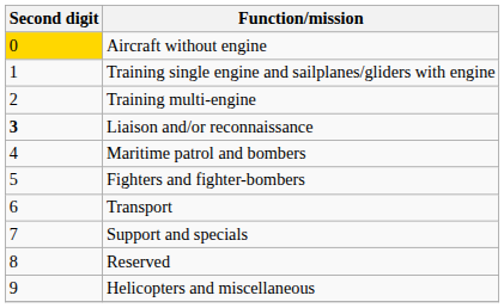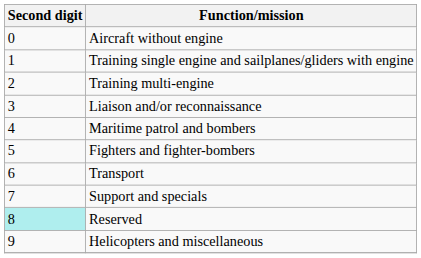 <table class="wikitable">
 <tr>
 <th style="text-align: center;">Second digit</th>
 <th style="text-align: center;">Function/mission</th>
 </tr>
 <tr>
-<td style="background: gold;">0</td>
+<td>0</td>
 <td>Aircraft without engine</td>
 </tr>
 <tr>
 <td>1</td>
 <td>Training single engine and sailplanes/gliders with engine</td>
 </tr>
 <tr>
 <td>2</td>
 <td>Training multi-engine</td>
 </tr>
 <tr>
-<td><strong>3</strong></td>
+<td>3</td>
 <td>Liaison and/or reconnaissance</td>
 </tr>
 <tr>
 <td>4</td>
 <td>Maritime patrol and bombers</td>
 </tr>
 <tr>
 <td>5</td>
 <td>Fighters and fighter-bombers</td>
 </tr>
 <tr>
 <td>6</td>
 <td>Transport</td>
 </tr>
 <tr>
 <td>7</td>
 <td>Support and specials</td>
 </tr>
 <tr>
-<td>8</td>
+<td style="background: paleturquoise;">8</td>
 <td>Reserved</td>
 </tr>
 <tr>
 <td>9</td>
 <td>Helicopters and miscellaneous</td>
 </tr>
 <tr>
 </tr>
 </table>
